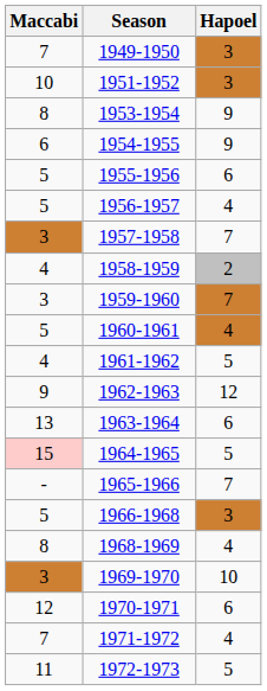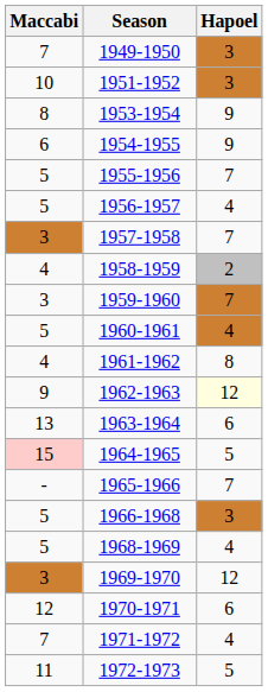 <table class="wikitable sortable" style="font-size:95%; text-align:center">
 <tr>
 <th width=40>Maccabi</th>
 <th width=85>Season</th>
 <th width=40>Hapoel</th>
 </tr>
 <tr>
 <td align=center>7</td>
 <td align=center><a href='#'>1949-1950</a></td>
 <td align="center"bgcolor="#CD7F32">3</td>
 </tr>
 <tr>
 <td align=center>10</td>
 <td align=center><a href='#'>1951-1952</a></td>
 <td align="center"bgcolor="#CD7F32">3</td>
 </tr>
 <tr>
 <td align=center>8</td>
 <td align=center><a href='#'>1953-1954</a></td>
 <td align=center>9</td>
 </tr>
 <tr>
 <td align=center>6</td>
 <td align=center><a href='#'>1954-1955</a></td>
 <td align=center>9</td>
 </tr>
 <tr>
 <td align=center>5</td>
 <td align=center><a href='#'>1955-1956</a></td>
-<td align=center>6</td>
+<td align=center>7</td>
 </tr>
 <tr>
 <td align=center>5</td>
 <td align=center><a href='#'>1956-1957</a></td>
 <td align=center>4</td>
 </tr>
 <tr>
 <td align="center"bgcolor="#CD7F32">3</td>
 <td align=center><a href='#'>1957-1958</a></td>
 <td align=center>7</td>
 </tr>
 <tr>
 <td align=center>4</td>
 <td align=center><a href='#'>1958-1959</a></td>
 <td align="center"bgcolor="#C0C0C0">2</td>
 </tr>
 <tr>
 <td align=center>3</td>
 <td align=center><a href='#'>1959-1960</a></td>
 <td align="center"bgcolor="#CD7F32">7</td>
 </tr>
 <tr>
 <td align=center>5</td>
 <td align=center><a href='#'>1960-1961</a></td>
 <td align="center"bgcolor="#CD7F32">4</td>
 </tr>
 <tr>
 <td align=center>4</td>
 <td align=center><a href='#'>1961-1962</a></td>
-<td align="center">5</td>
+<td align="center">8</td>
 </tr>
 <tr>
 <td align=center>9</td>
 <td align=center><a href='#'>1962-1963</a></td>
-<td align="center">12</td>
+<td align="center" style="background: lightyellow;">12</td>
 </tr>
 <tr>
 <td align=center>13</td>
 <td align=center><a href='#'>1963-1964</a></td>
 <td align="center">6</td>
 </tr>
 <tr>
 <td align="center"bgcolor="#ffcccc">15</td>
 <td align=center><a href='#'>1964-1965</a></td>
 <td align="center">5</td>
 </tr>
 <tr>
 <td align=center>-</td>
 <td align=center><a href='#'>1965-1966</a></td>
 <td align="center">7</td>
 </tr>
 <tr>
 <td align=center>5</td>
 <td align=center><a href='#'>1966-1968</a></td>
 <td align="center"bgcolor="#CD7F32">3</td>
 </tr>
 <tr>
-<td align=center>8</td>
+<td align=center>5</td>
 <td align=center><a href='#'>1968-1969</a></td>
 <td align="center">4</td>
 </tr>
 <tr>
 <td align="center"bgcolor="#CD7F32">3</td>
 <td align=center><a href='#'>1969-1970</a></td>
-<td align="center">10</td>
+<td align="center">12</td>
 </tr>
 <tr>
 <td align=center>12</td>
 <td align=center><a href='#'>1970-1971</a></td>
 <td align="center">6</td>
 </tr>
 <tr>
 <td align=center>7</td>
 <td align=center><a href='#'>1971-1972</a></td>
 <td align="center">4</td>
 </tr>
 <tr>
 <td align=center>11</td>
 <td align=center><a href='#'>1972-1973</a></td>
 <td align="center">5</td>
 </tr>
 </table>
